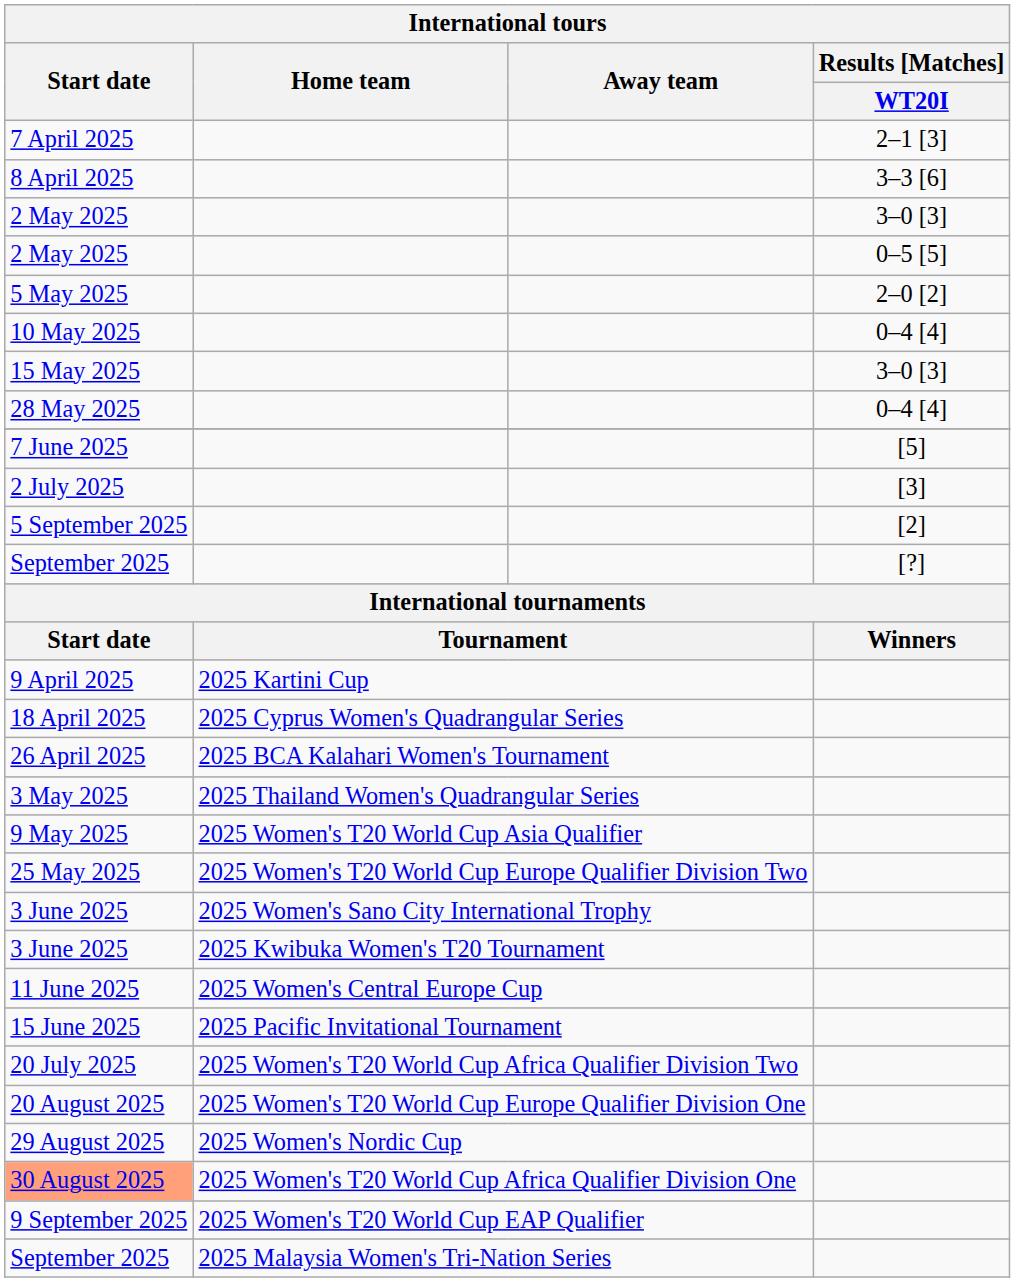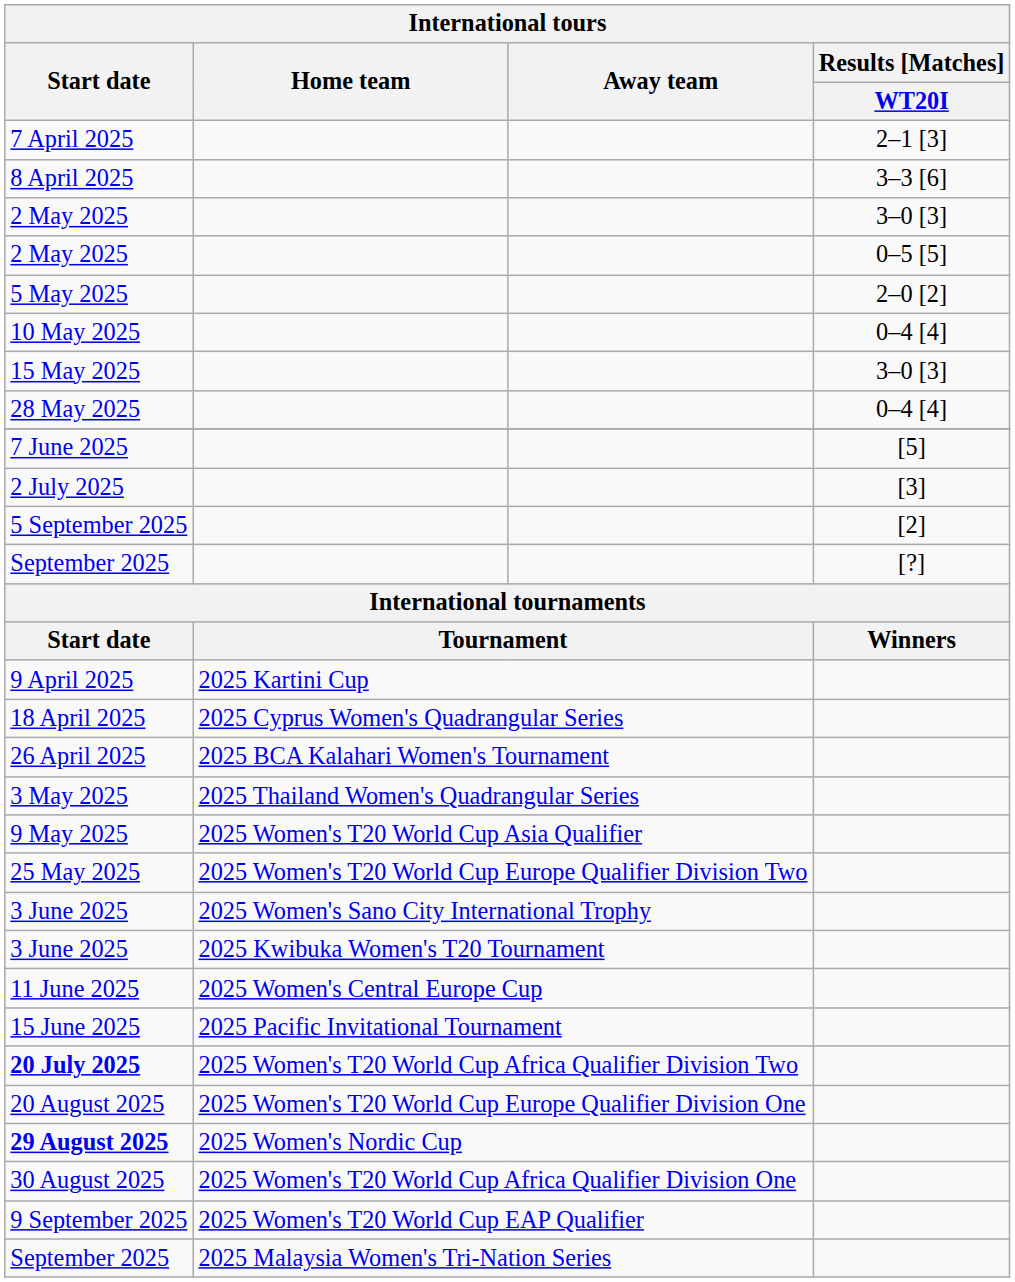 <table class="wikitable" style="text-align:center;">
 <tr>
 <th colspan=4>International tours</th>
 </tr>
 <tr>
 <th rowspan=2>Start date</th>
 <th rowspan=2>Home team</th>
 <th rowspan=2>Away team</th>
 <th>Results [Matches]</th>
 </tr>
 <tr>
 <th><a href='#'>WT20I</a></th>
 </tr>
 <tr>
 <td style="text-align:left"><a href='#'>7 April 2025</a></td>
 <td style="text-align:left"></td>
 <td style="text-align:left"></td>
 <td colspan=3>2–1 [3]</td>
 </tr>
 <tr>
 <td style="text-align:left"><a href='#'>8 April 2025</a></td>
 <td style="text-align:left"></td>
 <td style="text-align:left"></td>
 <td colspan=3>3–3 [6]</td>
 </tr>
 <tr>
 <td style="text-align:left"><a href='#'>2 May 2025</a></td>
 <td style="text-align:left"></td>
 <td style="text-align:left"></td>
 <td colspan=3>3–0 [3]</td>
 </tr>
 <tr>
 <td style="text-align:left"><a href='#'>2 May 2025</a></td>
 <td style="text-align:left"></td>
 <td style="text-align:left"></td>
 <td colspan=3>0–5 [5]</td>
 </tr>
 <tr>
 <td style="text-align:left"><a href='#'>5 May 2025</a></td>
 <td style="text-align:left"></td>
 <td style="text-align:left"></td>
 <td colspan=3>2–0 [2]</td>
 </tr>
 <tr>
 <td style="text-align:left"><a href='#'>10 May 2025</a></td>
 <td style="text-align:left"></td>
 <td style="text-align:left"></td>
 <td colspan=3>0–4 [4]</td>
 </tr>
 <tr>
 <td style="text-align:left"><a href='#'>15 May 2025</a></td>
 <td style="text-align:left"></td>
 <td style="text-align:left"></td>
 <td colspan=3>3–0 [3]</td>
 </tr>
 <tr>
 <td style="text-align:left"><a href='#'>28 May 2025</a></td>
 <td style="text-align:left"></td>
 <td style="text-align:left"></td>
 <td colspan=3>0–4 [4]</td>
 </tr>
 <tr>
 </tr>
 <tr>
 <td style="text-align:left"><a href='#'>7 June 2025</a></td>
 <td style="text-align:left"></td>
 <td style="text-align:left"></td>
 <td colspan=3>[5]</td>
 </tr>
 <tr>
 <td style="text-align:left"><a href='#'>2 July 2025</a></td>
 <td style="text-align:left"></td>
 <td style="text-align:left"></td>
 <td colspan=3>[3]</td>
 </tr>
 <tr>
 <td style="text-align:left"><a href='#'>5 September 2025</a></td>
 <td style="text-align:left"></td>
 <td style="text-align:left"></td>
 <td colspan=3>[2]</td>
 </tr>
 <tr>
 <td style="text-align:left"><a href='#'>September 2025</a></td>
 <td style="text-align:left"></td>
 <td style="text-align:left"></td>
 <td colspan=3>[?]</td>
 </tr>
 <tr>
 <th colspan=4>International tournaments</th>
 </tr>
 <tr>
 <th>Start date</th>
 <th colspan=2>Tournament</th>
 <th>Winners</th>
 </tr>
 <tr>
 <td style="text-align:left"><a href='#'>9 April 2025</a></td>
 <td style="text-align:left" colspan=2> <a href='#'>2025 Kartini Cup</a></td>
 <td style="text-align:left"></td>
 </tr>
 <tr>
 <td style="text-align:left"><a href='#'>18 April 2025</a></td>
 <td style="text-align:left" colspan=2> <a href='#'>2025 Cyprus Women's Quadrangular Series</a></td>
 <td style="text-align:left"></td>
 </tr>
 <tr>
 <td style="text-align:left"><a href='#'>26 April 2025</a></td>
 <td style="text-align:left" colspan=2> <a href='#'>2025 BCA Kalahari Women's Tournament</a></td>
 <td style="text-align:left"></td>
 </tr>
 <tr>
 <td style="text-align:left"><a href='#'>3 May 2025</a></td>
 <td style="text-align:left" colspan=2> <a href='#'>2025 Thailand Women's Quadrangular Series</a></td>
 <td style="text-align:left"></td>
 </tr>
 <tr>
 <td style="text-align:left"><a href='#'>9 May 2025</a></td>
 <td style="text-align:left" colspan=2> <a href='#'>2025 Women's T20 World Cup Asia Qualifier</a></td>
 <td style="text-align:left"></td>
 </tr>
 <tr>
 <td style="text-align:left"><a href='#'>25 May 2025</a></td>
 <td style="text-align:left" colspan=2> <a href='#'>2025 Women's T20 World Cup Europe Qualifier Division Two</a></td>
 <td style="text-align:left"></td>
 </tr>
 <tr>
 <td style="text-align:left"><a href='#'>3 June 2025</a></td>
 <td style="text-align:left" colspan=2> <a href='#'>2025 Women's Sano City International Trophy</a></td>
 <td style="text-align:left"></td>
 </tr>
 <tr>
 <td style="text-align:left"><a href='#'>3 June 2025</a></td>
 <td style="text-align:left" colspan=2> <a href='#'>2025 Kwibuka Women's T20 Tournament</a></td>
 <td style="text-align:left"></td>
 </tr>
 <tr>
 <td style="text-align:left"><a href='#'>11 June 2025</a></td>
 <td style="text-align:left" colspan=2> <a href='#'>2025 Women's Central Europe Cup</a></td>
 <td style="text-align:left"></td>
 </tr>
 <tr>
 <td style="text-align:left"><a href='#'>15 June 2025</a></td>
 <td colspan="2" style="text-align:left"> <a href='#'>2025 Pacific Invitational Tournament</a></td>
 <td style="text-align:left"></td>
 </tr>
 <tr>
-<td style="text-align:left"><a href='#'>20 July 2025</a></td>
+<td style="text-align:left"><strong><a href='#'>20 July 2025</a></strong></td>
 <td style="text-align:left" colspan=2> <a href='#'>2025 Women's T20 World Cup Africa Qualifier Division Two</a></td>
 <td style="text-align:left"></td>
 </tr>
 <tr>
 <td style="text-align:left"><a href='#'>20 August 2025</a></td>
 <td style="text-align:left" colspan=2> <a href='#'>2025 Women's T20 World Cup Europe Qualifier Division One</a></td>
 <td style="text-align:left"></td>
 </tr>
 <tr>
-<td style="text-align:left"><a href='#'>29 August 2025</a></td>
+<td style="text-align:left"><strong><a href='#'>29 August 2025</a></strong></td>
 <td style="text-align:left" colspan=2> <a href='#'>2025 Women's Nordic Cup</a></td>
 <td style="text-align:left"></td>
 </tr>
 <tr>
-<td style="background: lightsalmon; text-align:left"><a href='#'>30 August 2025</a></td>
+<td style="text-align:left"><a href='#'>30 August 2025</a></td>
 <td style="text-align:left" colspan=2> <a href='#'>2025 Women's T20 World Cup Africa Qualifier Division One</a></td>
 <td style="text-align:left"></td>
 </tr>
 <tr>
 <td style="text-align:left"><a href='#'>9 September 2025</a></td>
 <td style="text-align:left" colspan=2> <a href='#'>2025 Women's T20 World Cup EAP Qualifier</a></td>
 <td style="text-align:left"></td>
 </tr>
 <tr>
 <td style="text-align:left"><a href='#'>September 2025</a></td>
 <td style="text-align:left" colspan=2> <a href='#'>2025 Malaysia Women's Tri-Nation Series</a></td>
 <td style="text-align:left"></td>
 </tr>
 </table>
